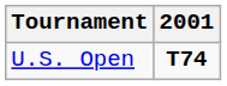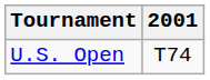 <table class="wikitable" style="font-size:95%;">
 <tr>
 <th>Tournament</th>
 <th>2001</th>
 </tr>
 <tr>
 <td><a href='#'>U.S. Open</a></td>
-<td align="center"><strong>T74</strong></td>
+<td align="center">T74</td>
 </tr>
 </table>
